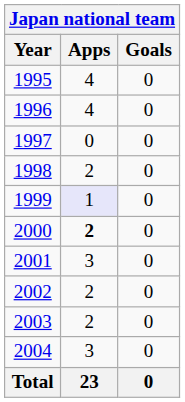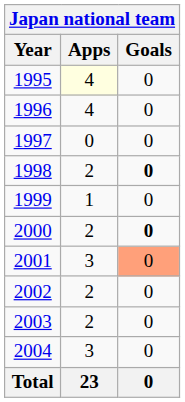 <table class="wikitable" style="text-align:center">
 <tr>
 <th colspan=3><a href='#'>Japan national team</a></th>
 </tr>
 <tr>
 <th>Year</th>
 <th>Apps</th>
 <th>Goals</th>
 </tr>
 <tr>
 <td><a href='#'>1995</a></td>
-<td>4</td>
+<td style="background: lightyellow;">4</td>
 <td>0</td>
 </tr>
 <tr>
 <td><a href='#'>1996</a></td>
 <td>4</td>
 <td>0</td>
 </tr>
 <tr>
 <td><a href='#'>1997</a></td>
 <td>0</td>
 <td>0</td>
 </tr>
 <tr>
 <td><a href='#'>1998</a></td>
 <td>2</td>
-<td>0</td>
+<td><strong>0</strong></td>
 </tr>
 <tr>
 <td><a href='#'>1999</a></td>
-<td style="background: lavender;">1</td>
+<td>1</td>
 <td>0</td>
 </tr>
 <tr>
 <td><a href='#'>2000</a></td>
-<td><strong>2</strong></td>
-<td>0</td>
+<td>2</td>
+<td><strong>0</strong></td>
 </tr>
 <tr>
 <td><a href='#'>2001</a></td>
 <td>3</td>
-<td>0</td>
+<td style="background: lightsalmon;">0</td>
 </tr>
 <tr>
 <td><a href='#'>2002</a></td>
 <td>2</td>
 <td>0</td>
 </tr>
 <tr>
 <td><a href='#'>2003</a></td>
 <td>2</td>
 <td>0</td>
 </tr>
 <tr>
 <td><a href='#'>2004</a></td>
 <td>3</td>
 <td>0</td>
 </tr>
 <tr>
 <th>Total</th>
 <th>23</th>
 <th>0</th>
 </tr>
 </table>
